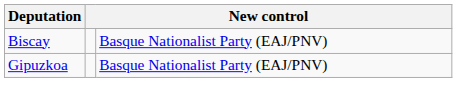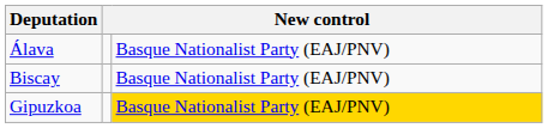 <table class="wikitable sortable">
 <tr>
 <th>Deputation</th>
 <th colspan="2" style="width:375px;">New control</th>
+</tr>
+<tr>
+<td><a href='#'>Álava</a></td>
+<td width="1" style="color:inherit;background:"></td>
+<td><a href='#'>Basque Nationalist Party</a> (EAJ/PNV)</td>
 </tr>
 <tr>
 <td><a href='#'>Biscay</a></td>
 <td style="color:inherit;background:"></td>
 <td><a href='#'>Basque Nationalist Party</a> (EAJ/PNV)</td>
 </tr>
 <tr>
 <td><a href='#'>Gipuzkoa</a></td>
 <td style="color:inherit;background:"></td>
-<td><a href='#'>Basque Nationalist Party</a> (EAJ/PNV)</td>
+<td style="background: gold;"><a href='#'>Basque Nationalist Party</a> (EAJ/PNV)</td>
 </tr>
 </table>
